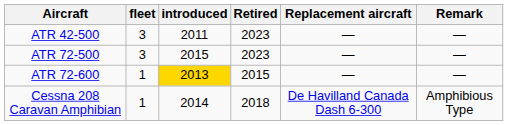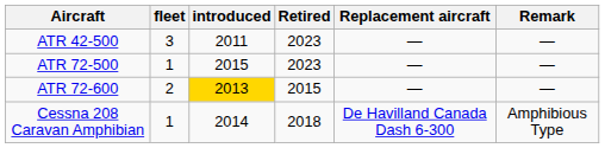 <table class="wikitable toccolours" border="1" cellpadding="2" style="margin:1em auto; border-collapse:collapse;text-align:center;">
 <tr>
 <th>Aircraft</th>
 <th>fleet</th>
 <th>introduced</th>
 <th>Retired</th>
 <th>Replacement aircraft</th>
 <th>Remark</th>
 </tr>
 <tr>
 <td><a href='#'>ATR 42-500</a></td>
 <td>3</td>
 <td>2011</td>
 <td>2023</td>
 <td>—</td>
 <td>—</td>
 </tr>
 <tr>
 <td><a href='#'>ATR 72-500</a></td>
-<td>3</td>
+<td>1</td>
 <td>2015</td>
 <td>2023</td>
 <td>—</td>
 <td>—</td>
 </tr>
 <tr>
 <td><a href='#'>ATR 72-600</a></td>
-<td>1</td>
+<td>2</td>
 <td style="background: gold;">2013</td>
 <td>2015</td>
 <td>—</td>
 <td>—</td>
 </tr>
 <tr>
 <td><a href='#'>Cessna 208 Caravan Amphibian</a></td>
 <td>1</td>
 <td>2014</td>
 <td>2018</td>
 <td><a href='#'>De Havilland Canada Dash 6-300</a></td>
 <td>Amphibious Type</td>
 </tr>
 </table>
